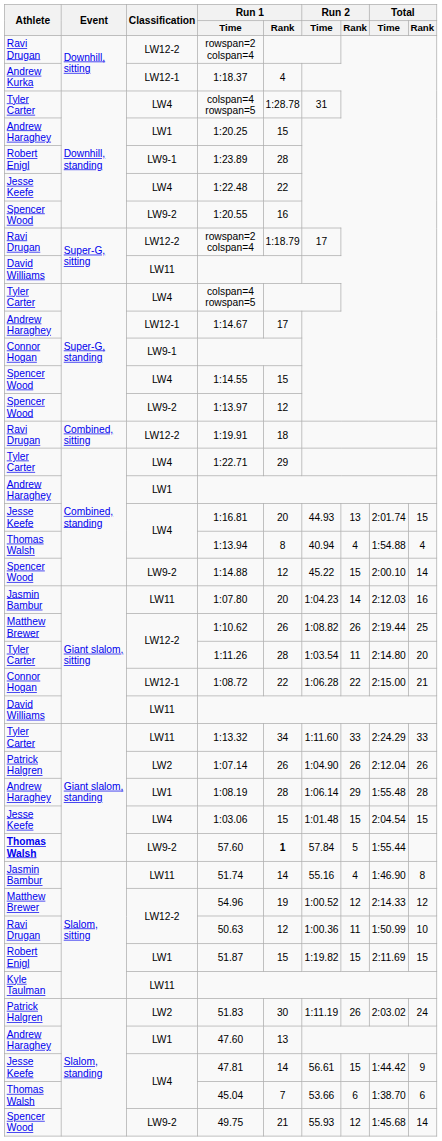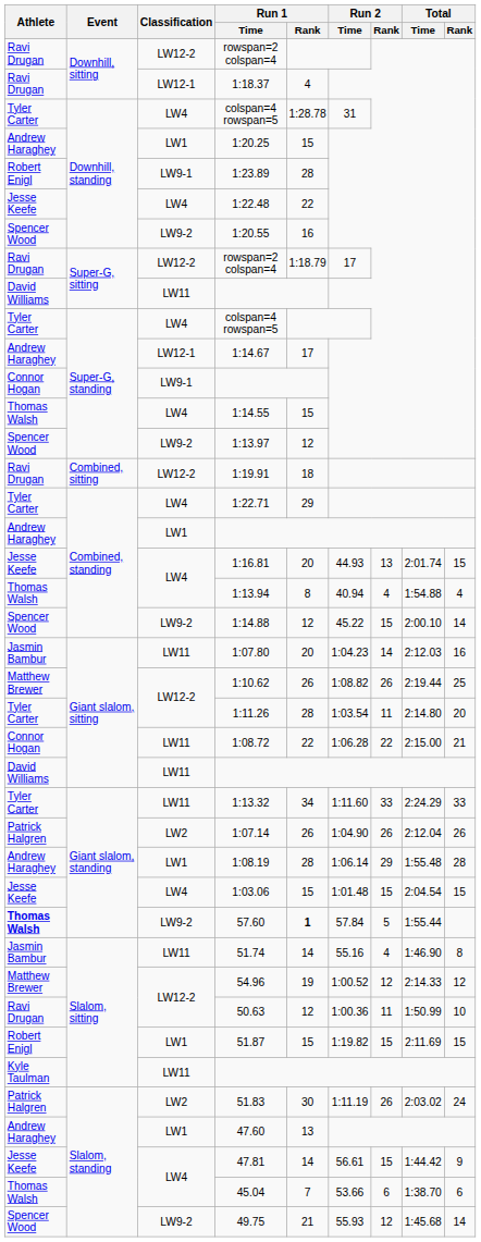 <table class=wikitable style=font-size:90%;text-align:center>
 <tr>
 <th rowspan=2>Athlete</th>
 <th rowspan=2>Event</th>
 <th rowspan=2>Classification</th>
 <th colspan=2>Run 1</th>
 <th colspan=2>Run 2</th>
 <th colspan=2>Total</th>
 </tr>
 <tr style=font-size:95%>
 <th>Time</th>
 <th>Rank</th>
 <th>Time</th>
 <th>Rank</th>
 <th>Time</th>
 <th>Rank</th>
 </tr>
 <tr>
 <td align=left><a href='#'>Ravi Drugan</a></td>
 <td align=left rowspan=2><a href='#'>Downhill, sitting</a></td>
 <td>LW12-2</td>
 <td>rowspan=2 colspan=4 </td>
 <td colspan=2></td>
 </tr>
 <tr>
-<td align=left><a href='#'>Andrew Kurka</a></td>
+<td align=left><a href='#'>Ravi Drugan</a></td>
 <td>LW12-1</td>
 <td>1:18.37</td>
 <td>4</td>
 </tr>
 <tr>
 <td align=left><a href='#'>Tyler Carter</a></td>
 <td align=left rowspan=5><a href='#'>Downhill, standing</a></td>
 <td>LW4</td>
 <td>colspan=4 rowspan=5 </td>
 <td>1:28.78</td>
 <td>31</td>
 </tr>
 <tr>
 <td align=left><a href='#'>Andrew Haraghey</a></td>
 <td>LW1</td>
 <td>1:20.25</td>
 <td>15</td>
 </tr>
 <tr>
 <td align=left><a href='#'>Robert Enigl</a></td>
 <td>LW9-1</td>
 <td>1:23.89</td>
 <td>28</td>
 </tr>
 <tr>
 <td align=left><a href='#'>Jesse Keefe</a></td>
 <td>LW4</td>
 <td>1:22.48</td>
 <td>22</td>
 </tr>
 <tr>
 <td align=left><a href='#'>Spencer Wood</a></td>
 <td>LW9-2</td>
 <td>1:20.55</td>
 <td>16</td>
 </tr>
 <tr>
 <td align=left><a href='#'>Ravi Drugan</a></td>
 <td align=left rowspan=2><a href='#'>Super-G, sitting</a></td>
 <td>LW12-2</td>
 <td>rowspan=2 colspan=4 </td>
 <td>1:18.79</td>
 <td>17</td>
 </tr>
 <tr>
 <td align=left><a href='#'>David Williams</a></td>
 <td>LW11</td>
 <td colspan=2></td>
 </tr>
 <tr>
 <td align=left><a href='#'>Tyler Carter</a></td>
 <td align=left rowspan=5><a href='#'>Super-G, standing</a></td>
 <td>LW4</td>
 <td>colspan=4 rowspan=5 </td>
 <td colspan=2></td>
 </tr>
 <tr>
 <td align=left><a href='#'>Andrew Haraghey</a></td>
 <td>LW12-1</td>
 <td>1:14.67</td>
 <td>17</td>
 </tr>
 <tr>
 <td align=left><a href='#'>Connor Hogan</a></td>
 <td>LW9-1</td>
 <td colspan=2></td>
 </tr>
 <tr>
-<td align=left><a href='#'>Spencer Wood</a></td>
+<td align=left><a href='#'>Thomas Walsh</a></td>
 <td>LW4</td>
 <td>1:14.55</td>
 <td>15</td>
 </tr>
 <tr>
 <td align=left><a href='#'>Spencer Wood</a></td>
 <td>LW9-2</td>
 <td>1:13.97</td>
 <td>12</td>
 </tr>
 <tr>
 <td align=left><a href='#'>Ravi Drugan</a></td>
 <td align=left><a href='#'>Combined, sitting</a></td>
 <td>LW12-2</td>
 <td>1:19.91</td>
 <td>18</td>
 <td colspan=4></td>
 </tr>
 <tr>
 <td align=left><a href='#'>Tyler Carter</a></td>
 <td align=left rowspan=5><a href='#'>Combined, standing</a></td>
 <td>LW4</td>
 <td>1:22.71</td>
 <td>29</td>
 <td colspan=4></td>
 </tr>
 <tr>
 <td align=left><a href='#'>Andrew Haraghey</a></td>
 <td>LW1</td>
 <td colspan=6></td>
 </tr>
 <tr>
 <td align=left><a href='#'>Jesse Keefe</a></td>
 <td rowspan=2>LW4</td>
 <td>1:16.81</td>
 <td>20</td>
 <td>44.93</td>
 <td>13</td>
 <td>2:01.74</td>
 <td>15</td>
 </tr>
 <tr>
 <td align=left><a href='#'>Thomas Walsh</a></td>
 <td>1:13.94</td>
 <td>8</td>
 <td>40.94</td>
 <td>4</td>
 <td>1:54.88</td>
 <td>4</td>
 </tr>
 <tr>
 <td align=left><a href='#'>Spencer Wood</a></td>
 <td>LW9-2</td>
 <td>1:14.88</td>
 <td>12</td>
 <td>45.22</td>
 <td>15</td>
 <td>2:00.10</td>
 <td>14</td>
 </tr>
 <tr>
 <td align=left><a href='#'>Jasmin Bambur</a></td>
 <td align=left rowspan=5><a href='#'>Giant slalom, sitting</a></td>
 <td>LW11</td>
 <td>1:07.80</td>
 <td>20</td>
 <td>1:04.23</td>
 <td>14</td>
 <td>2:12.03</td>
 <td>16</td>
 </tr>
 <tr>
 <td align=left><a href='#'>Matthew Brewer</a></td>
 <td rowspan=2>LW12-2</td>
 <td>1:10.62</td>
 <td>26</td>
 <td>1:08.82</td>
 <td>26</td>
 <td>2:19.44</td>
 <td>25</td>
 </tr>
 <tr>
 <td align=left><a href='#'>Tyler Carter</a></td>
 <td>1:11.26</td>
 <td>28</td>
 <td>1:03.54</td>
 <td>11</td>
 <td>2:14.80</td>
 <td>20</td>
 </tr>
 <tr>
 <td align=left><a href='#'>Connor Hogan</a></td>
-<td>LW12-1</td>
+<td>LW11</td>
 <td>1:08.72</td>
 <td>22</td>
 <td>1:06.28</td>
 <td>22</td>
 <td>2:15.00</td>
 <td>21</td>
 </tr>
 <tr>
 <td align=left><a href='#'>David Williams</a></td>
 <td>LW11</td>
 <td colspan=6></td>
 </tr>
 <tr>
 <td align=left><a href='#'>Tyler Carter</a></td>
 <td align=left rowspan=5><a href='#'>Giant slalom, standing</a></td>
 <td>LW11</td>
 <td>1:13.32</td>
 <td>34</td>
 <td>1:11.60</td>
 <td>33</td>
 <td>2:24.29</td>
 <td>33</td>
 </tr>
 <tr>
 <td align=left><a href='#'>Patrick Halgren</a></td>
 <td>LW2</td>
 <td>1:07.14</td>
 <td>26</td>
 <td>1:04.90</td>
 <td>26</td>
 <td>2:12.04</td>
 <td>26</td>
 </tr>
 <tr>
 <td align=left><a href='#'>Andrew Haraghey</a></td>
 <td>LW1</td>
 <td>1:08.19</td>
 <td>28</td>
 <td>1:06.14</td>
 <td>29</td>
 <td>1:55.48</td>
 <td>28</td>
 </tr>
 <tr>
 <td align=left><a href='#'>Jesse Keefe</a></td>
 <td>LW4</td>
 <td>1:03.06</td>
 <td>15</td>
 <td>1:01.48</td>
 <td>15</td>
 <td>2:04.54</td>
 <td>15</td>
 </tr>
 <tr>
 <td align=left><strong><a href='#'>Thomas Walsh</a></strong></td>
 <td>LW9-2</td>
 <td>57.60</td>
 <td><strong>1</strong></td>
 <td>57.84</td>
 <td>5</td>
 <td>1:55.44</td>
 <td></td>
 </tr>
 <tr>
 <td align=left><a href='#'>Jasmin Bambur</a></td>
 <td align=left rowspan=5><a href='#'>Slalom, sitting</a></td>
 <td>LW11</td>
 <td>51.74</td>
 <td>14</td>
 <td>55.16</td>
 <td>4</td>
 <td>1:46.90</td>
 <td>8</td>
 </tr>
 <tr>
 <td align=left><a href='#'>Matthew Brewer</a></td>
 <td rowspan=2>LW12-2</td>
 <td>54.96</td>
 <td>19</td>
 <td>1:00.52</td>
 <td>12</td>
 <td>2:14.33</td>
 <td>12</td>
 </tr>
 <tr>
 <td align=left><a href='#'>Ravi Drugan</a></td>
 <td>50.63</td>
 <td>12</td>
 <td>1:00.36</td>
 <td>11</td>
 <td>1:50.99</td>
 <td>10</td>
 </tr>
 <tr>
 <td align=left><a href='#'>Robert Enigl</a></td>
 <td>LW1</td>
 <td>51.87</td>
 <td>15</td>
 <td>1:19.82</td>
 <td>15</td>
 <td>2:11.69</td>
 <td>15</td>
 </tr>
 <tr>
 <td align=left><a href='#'>Kyle Taulman</a></td>
 <td>LW11</td>
 <td colspan=6></td>
 </tr>
 <tr>
 <td align=left><a href='#'>Patrick Halgren</a></td>
 <td align=left rowspan=5><a href='#'>Slalom, standing</a></td>
 <td>LW2</td>
 <td>51.83</td>
 <td>30</td>
 <td>1:11.19</td>
 <td>26</td>
 <td>2:03.02</td>
 <td>24</td>
 </tr>
 <tr>
 <td align=left><a href='#'>Andrew Haraghey</a></td>
 <td>LW1</td>
 <td>47.60</td>
 <td>13</td>
 <td colspan=4></td>
 </tr>
 <tr>
 <td align=left><a href='#'>Jesse Keefe</a></td>
 <td rowspan=2>LW4</td>
 <td>47.81</td>
 <td>14</td>
 <td>56.61</td>
 <td>15</td>
 <td>1:44.42</td>
 <td>9</td>
 </tr>
 <tr>
 <td align=left><a href='#'>Thomas Walsh</a></td>
 <td>45.04</td>
 <td>7</td>
 <td>53.66</td>
 <td>6</td>
 <td>1:38.70</td>
 <td>6</td>
 </tr>
 <tr>
 <td align=left><a href='#'>Spencer Wood</a></td>
 <td>LW9-2</td>
 <td>49.75</td>
 <td>21</td>
 <td>55.93</td>
 <td>12</td>
 <td>1:45.68</td>
 <td>14</td>
 </tr>
 </table>
